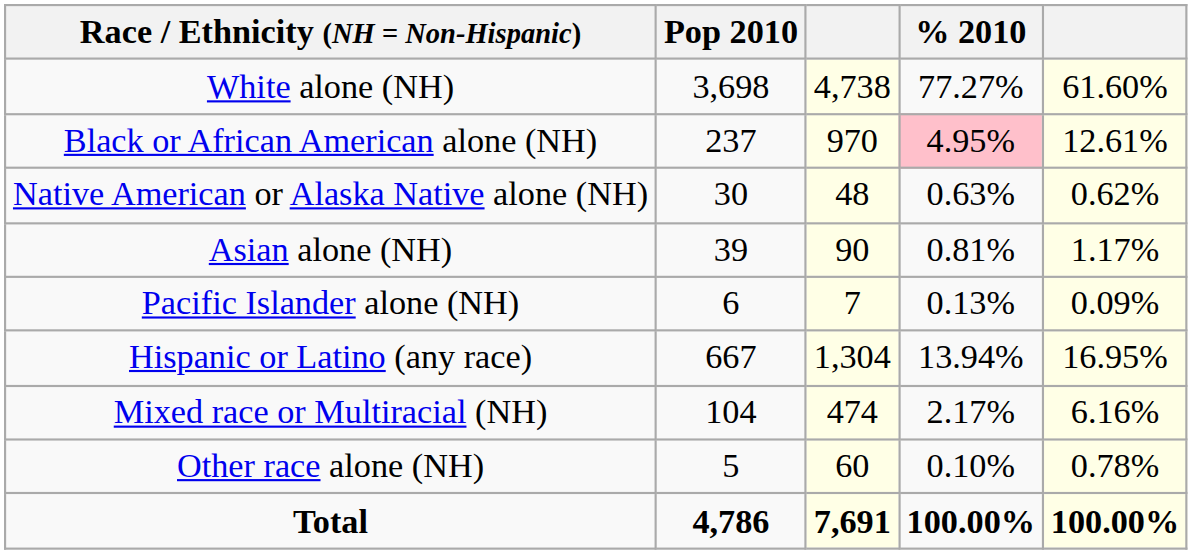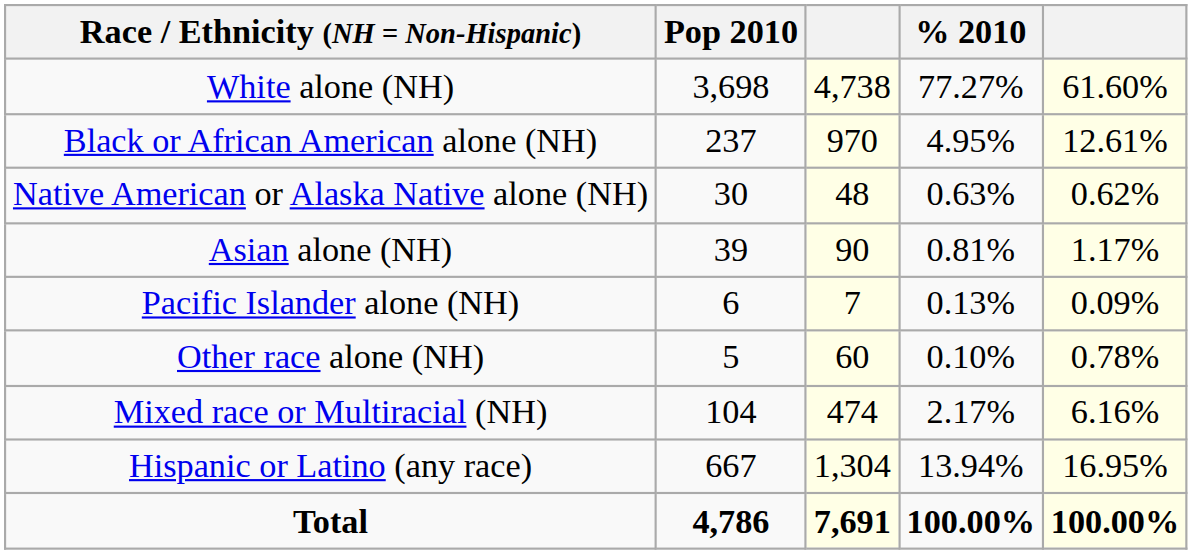 <table class="wikitable" style="text-align:center;">
 <tr>
 <th>Race / Ethnicity <small>(<em>NH = Non-Hispanic</em>)</small></th>
 <th>Pop 2010</th>
 <th></th>
 <th>% 2010</th>
 <th></th>
 </tr>
 <tr>
 <td><a href='#'>White</a> alone (NH)</td>
 <td>3,698</td>
 <td style='background: #ffffe6;'>4,738</td>
 <td>77.27%</td>
 <td style='background: #ffffe6;'>61.60%</td>
 </tr>
 <tr>
 <td><a href='#'>Black or African American</a> alone (NH)</td>
 <td>237</td>
 <td style='background: #ffffe6;'>970</td>
-<td style="background: pink;">4.95%</td>
+<td>4.95%</td>
 <td style='background: #ffffe6;'>12.61%</td>
 </tr>
 <tr>
 <td><a href='#'>Native American</a> or <a href='#'>Alaska Native</a> alone (NH)</td>
 <td>30</td>
 <td style='background: #ffffe6;'>48</td>
 <td>0.63%</td>
 <td style='background: #ffffe6;'>0.62%</td>
 </tr>
 <tr>
 <td><a href='#'>Asian</a> alone (NH)</td>
 <td>39</td>
 <td style='background: #ffffe6;'>90</td>
 <td>0.81%</td>
 <td style='background: #ffffe6;'>1.17%</td>
 </tr>
 <tr>
 <td><a href='#'>Pacific Islander</a> alone (NH)</td>
 <td>6</td>
 <td style='background: #ffffe6;'>7</td>
 <td>0.13%</td>
 <td style='background: #ffffe6;'>0.09%</td>
 </tr>
 <tr>
-<td><a href='#'>Hispanic or Latino</a> (any race)</td>
-<td>667</td>
-<td style='background: #ffffe6;'>1,304</td>
-<td>13.94%</td>
-<td style='background: #ffffe6;'>16.95%</td>
+<td><a href='#'>Other race</a> alone (NH)</td>
+<td>5</td>
+<td style='background: #ffffe6;'>60</td>
+<td>0.10%</td>
+<td style='background: #ffffe6;'>0.78%</td>
 </tr>
 <tr>
 <td><a href='#'>Mixed race or Multiracial</a> (NH)</td>
 <td>104</td>
 <td style='background: #ffffe6;'>474</td>
 <td>2.17%</td>
 <td style='background: #ffffe6;'>6.16%</td>
 </tr>
 <tr>
-<td><a href='#'>Other race</a> alone (NH)</td>
-<td>5</td>
-<td style='background: #ffffe6;'>60</td>
-<td>0.10%</td>
-<td style='background: #ffffe6;'>0.78%</td>
+<td><a href='#'>Hispanic or Latino</a> (any race)</td>
+<td>667</td>
+<td style='background: #ffffe6;'>1,304</td>
+<td>13.94%</td>
+<td style='background: #ffffe6;'>16.95%</td>
 </tr>
 <tr>
 <td><strong>Total</strong></td>
 <td><strong>4,786</strong></td>
 <td style='background: #ffffe6;'><strong>7,691</strong></td>
 <td><strong>100.00%</strong></td>
 <td style='background: #ffffe6;'><strong>100.00%</strong></td>
 </tr>
 </table>
